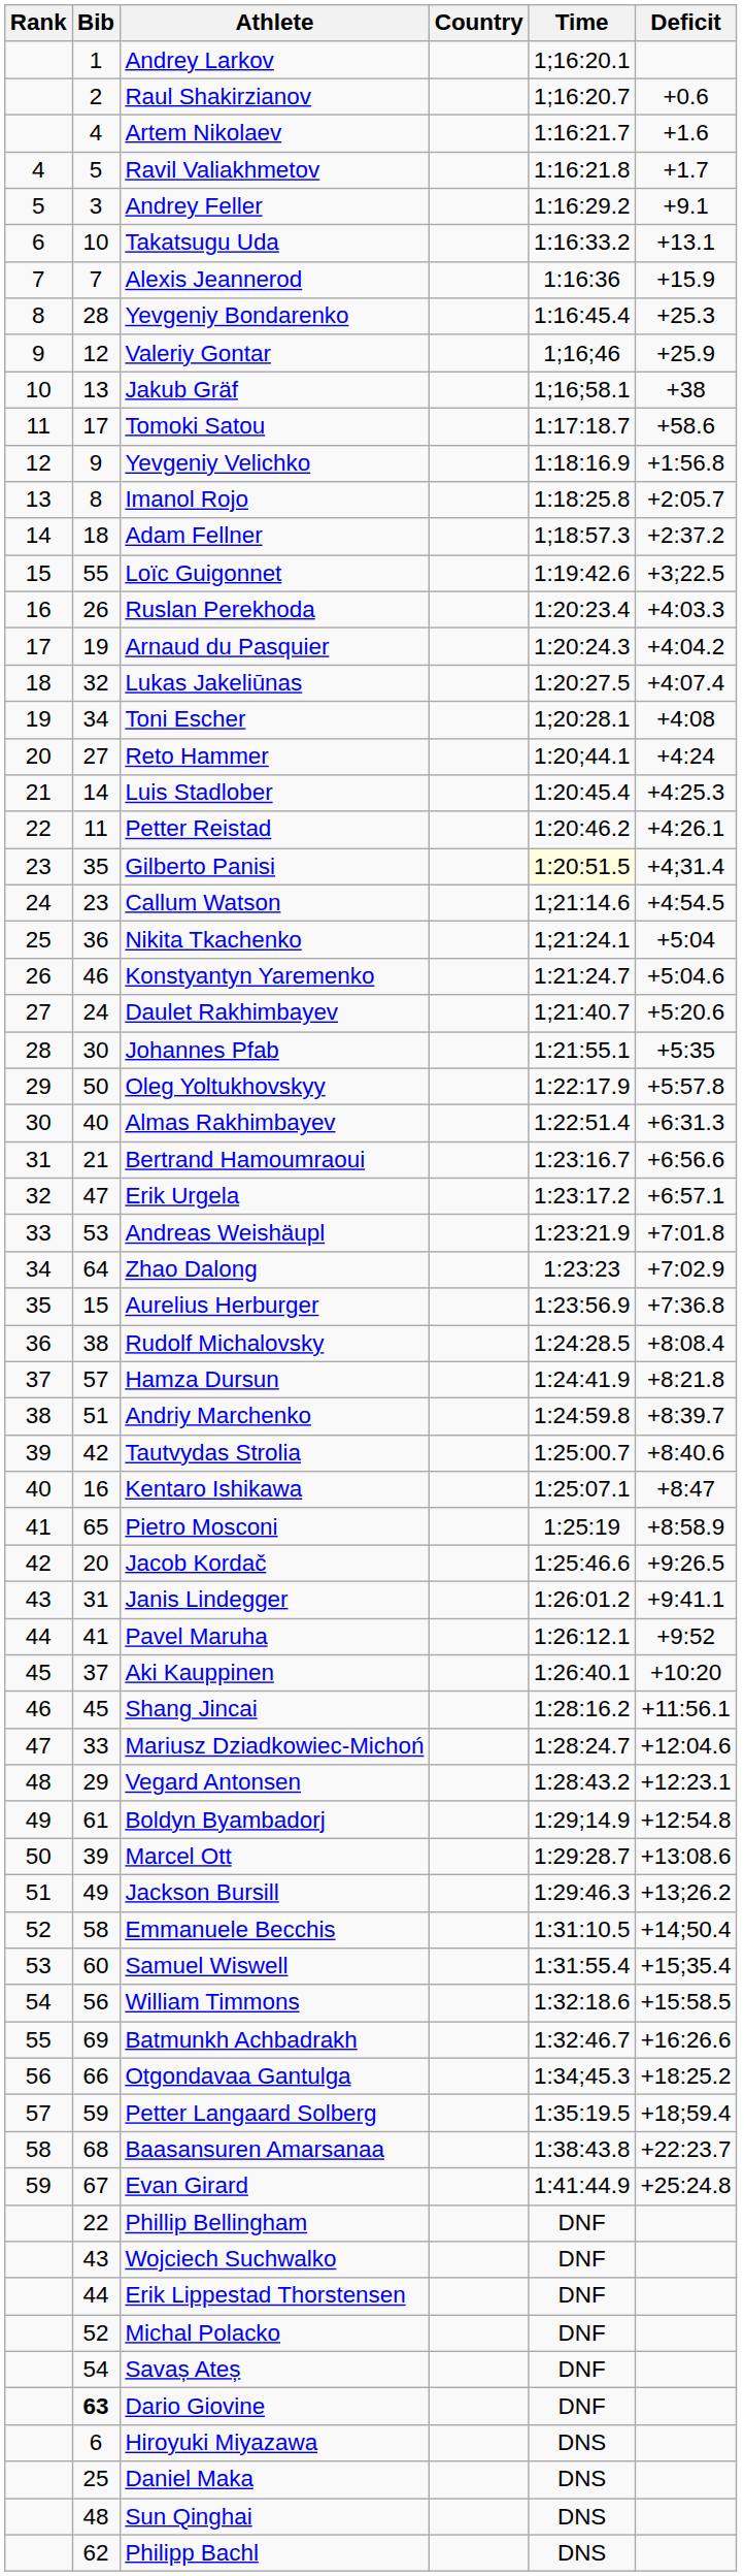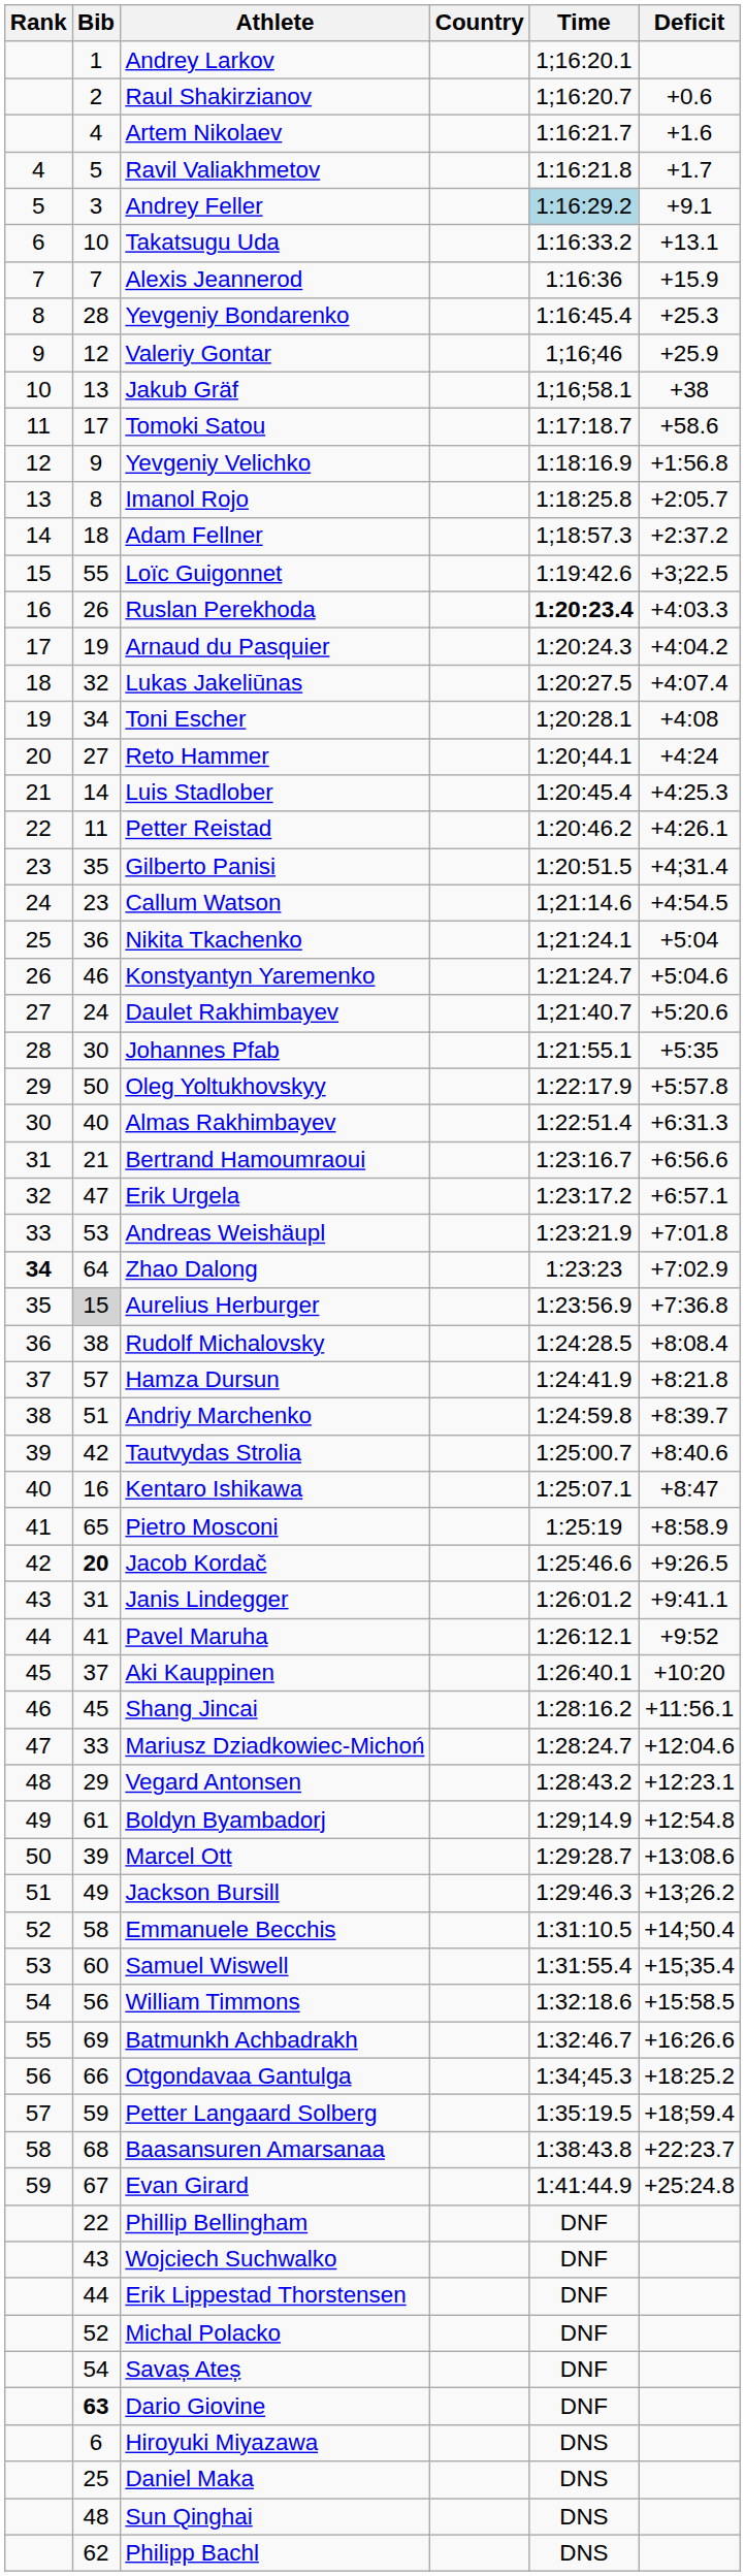 <table class="wikitable sortable" style="text-align:center">
 <tr>
 <th>Rank</th>
 <th>Bib</th>
 <th>Athlete</th>
 <th>Country</th>
 <th>Time</th>
 <th>Deficit</th>
 </tr>
 <tr>
 <td></td>
 <td>1</td>
 <td align=left><a href='#'>Andrey Larkov</a></td>
 <td align=left></td>
 <td>1;16:20.1</td>
 <td></td>
 </tr>
 <tr>
 <td></td>
 <td>2</td>
 <td align=left><a href='#'>Raul Shakirzianov</a></td>
 <td align=left></td>
 <td>1;16:20.7</td>
 <td>+0.6</td>
 </tr>
 <tr>
 <td></td>
 <td>4</td>
 <td align=left><a href='#'>Artem Nikolaev</a></td>
 <td align=left></td>
 <td>1:16:21.7</td>
 <td>+1.6</td>
 </tr>
 <tr>
 <td>4</td>
 <td>5</td>
 <td align=left><a href='#'>Ravil Valiakhmetov</a></td>
 <td align=left></td>
 <td>1:16:21.8</td>
 <td>+1.7</td>
 </tr>
 <tr>
 <td>5</td>
 <td>3</td>
 <td align=left><a href='#'>Andrey Feller</a></td>
 <td align=left></td>
-<td>1:16:29.2</td>
+<td style="background: lightblue;">1:16:29.2</td>
 <td>+9.1</td>
 </tr>
 <tr>
 <td>6</td>
 <td>10</td>
 <td align=left><a href='#'>Takatsugu Uda</a></td>
 <td align=left></td>
 <td>1:16:33.2</td>
 <td>+13.1</td>
 </tr>
 <tr>
 <td>7</td>
 <td>7</td>
 <td align=left><a href='#'>Alexis Jeannerod</a></td>
 <td align=left></td>
 <td>1:16:36</td>
 <td>+15.9</td>
 </tr>
 <tr>
 <td>8</td>
 <td>28</td>
 <td align=left><a href='#'>Yevgeniy Bondarenko</a></td>
 <td align=left></td>
 <td>1:16:45.4</td>
 <td>+25.3</td>
 </tr>
 <tr>
 <td>9</td>
 <td>12</td>
 <td align=left><a href='#'>Valeriy Gontar</a></td>
 <td align=left></td>
 <td>1;16;46</td>
 <td>+25.9</td>
 </tr>
 <tr>
 <td>10</td>
 <td>13</td>
 <td align=left><a href='#'>Jakub Gräf</a></td>
 <td align=left></td>
 <td>1;16;58.1</td>
 <td>+38</td>
 </tr>
 <tr>
 <td>11</td>
 <td>17</td>
 <td align=left><a href='#'>Tomoki Satou</a></td>
 <td align=left></td>
 <td>1:17:18.7</td>
 <td>+58.6</td>
 </tr>
 <tr>
 <td>12</td>
 <td>9</td>
 <td align=left><a href='#'>Yevgeniy Velichko</a></td>
 <td align=left></td>
 <td>1:18:16.9</td>
 <td>+1:56.8</td>
 </tr>
 <tr>
 <td>13</td>
 <td>8</td>
 <td align=left><a href='#'>Imanol Rojo</a></td>
 <td align=left></td>
 <td>1:18:25.8</td>
 <td>+2:05.7</td>
 </tr>
 <tr>
 <td>14</td>
 <td>18</td>
 <td align=left><a href='#'>Adam Fellner</a></td>
 <td align=left></td>
 <td>1;18:57.3</td>
 <td>+2:37.2</td>
 </tr>
 <tr>
 <td>15</td>
 <td>55</td>
 <td align=left><a href='#'>Loïc Guigonnet</a></td>
 <td align=left></td>
 <td>1:19:42.6</td>
 <td>+3;22.5</td>
 </tr>
 <tr>
 <td>16</td>
 <td>26</td>
 <td align=left><a href='#'>Ruslan Perekhoda</a></td>
 <td align=left></td>
-<td>1:20:23.4</td>
+<td><strong>1:20:23.4</strong></td>
 <td>+4:03.3</td>
 </tr>
 <tr>
 <td>17</td>
 <td>19</td>
 <td align=left><a href='#'>Arnaud du Pasquier</a></td>
 <td align=left></td>
 <td>1:20:24.3</td>
 <td>+4:04.2</td>
 </tr>
 <tr>
 <td>18</td>
 <td>32</td>
 <td align=left><a href='#'>Lukas Jakeliūnas</a></td>
 <td align=left></td>
 <td>1:20:27.5</td>
 <td>+4:07.4</td>
 </tr>
 <tr>
 <td>19</td>
 <td>34</td>
 <td align=left><a href='#'>Toni Escher</a></td>
 <td align=left></td>
 <td>1;20:28.1</td>
 <td>+4:08</td>
 </tr>
 <tr>
 <td>20</td>
 <td>27</td>
 <td align=left><a href='#'>Reto Hammer</a></td>
 <td align=left></td>
 <td>1:20;44.1</td>
 <td>+4:24</td>
 </tr>
 <tr>
 <td>21</td>
 <td>14</td>
 <td align=left><a href='#'>Luis Stadlober</a></td>
 <td align=left></td>
 <td>1:20:45.4</td>
 <td>+4:25.3</td>
 </tr>
 <tr>
 <td>22</td>
 <td>11</td>
 <td align=left><a href='#'>Petter Reistad</a></td>
 <td align=left></td>
 <td>1:20:46.2</td>
 <td>+4:26.1</td>
 </tr>
 <tr>
 <td>23</td>
 <td>35</td>
 <td align=left><a href='#'>Gilberto Panisi</a></td>
 <td align=left></td>
-<td style="background: lightyellow;">1:20:51.5</td>
+<td>1:20:51.5</td>
 <td>+4;31.4</td>
 </tr>
 <tr>
 <td>24</td>
 <td>23</td>
 <td align=left><a href='#'>Callum Watson</a></td>
 <td align=left></td>
 <td>1;21:14.6</td>
 <td>+4:54.5</td>
 </tr>
 <tr>
 <td>25</td>
 <td>36</td>
 <td align=left><a href='#'>Nikita Tkachenko</a></td>
 <td align=left></td>
 <td>1;21:24.1</td>
 <td>+5:04</td>
 </tr>
 <tr>
 <td>26</td>
 <td>46</td>
 <td align=left><a href='#'>Konstyantyn Yaremenko</a></td>
 <td align=left></td>
 <td>1:21:24.7</td>
 <td>+5:04.6</td>
 </tr>
 <tr>
 <td>27</td>
 <td>24</td>
 <td align=left><a href='#'>Daulet Rakhimbayev</a></td>
 <td align=left></td>
 <td>1;21:40.7</td>
 <td>+5:20.6</td>
 </tr>
 <tr>
 <td>28</td>
 <td>30</td>
 <td align=left><a href='#'>Johannes Pfab</a></td>
 <td align=left></td>
 <td>1:21:55.1</td>
 <td>+5:35</td>
 </tr>
 <tr>
 <td>29</td>
 <td>50</td>
 <td align=left><a href='#'>Oleg Yoltukhovskyy</a></td>
 <td align=left></td>
 <td>1:22:17.9</td>
 <td>+5:57.8</td>
 </tr>
 <tr>
 <td>30</td>
 <td>40</td>
 <td align=left><a href='#'>Almas Rakhimbayev</a></td>
 <td align=left></td>
 <td>1:22:51.4</td>
 <td>+6:31.3</td>
 </tr>
 <tr>
 <td>31</td>
 <td>21</td>
 <td align=left><a href='#'>Bertrand Hamoumraoui</a></td>
 <td align=left></td>
 <td>1:23:16.7</td>
 <td>+6:56.6</td>
 </tr>
 <tr>
 <td>32</td>
 <td>47</td>
 <td align=left><a href='#'>Erik Urgela</a></td>
 <td align=left></td>
 <td>1:23:17.2</td>
 <td>+6:57.1</td>
 </tr>
 <tr>
 <td>33</td>
 <td>53</td>
 <td align=left><a href='#'>Andreas Weishäupl</a></td>
 <td align=left></td>
 <td>1:23:21.9</td>
 <td>+7:01.8</td>
 </tr>
 <tr>
-<td>34</td>
+<td><strong>34</strong></td>
 <td>64</td>
 <td align=left><a href='#'>Zhao Dalong</a></td>
 <td align=left></td>
 <td>1:23:23</td>
 <td>+7:02.9</td>
 </tr>
 <tr>
 <td>35</td>
-<td>15</td>
+<td style="background: lightgrey;">15</td>
 <td align=left><a href='#'>Aurelius Herburger</a></td>
 <td align=left></td>
 <td>1:23:56.9</td>
 <td>+7:36.8</td>
 </tr>
 <tr>
 <td>36</td>
 <td>38</td>
 <td align=left><a href='#'>Rudolf Michalovsky</a></td>
 <td align=left></td>
 <td>1:24:28.5</td>
 <td>+8:08.4</td>
 </tr>
 <tr>
 <td>37</td>
 <td>57</td>
 <td align=left><a href='#'>Hamza Dursun</a></td>
 <td align=left></td>
 <td>1:24:41.9</td>
 <td>+8:21.8</td>
 </tr>
 <tr>
 <td>38</td>
 <td>51</td>
 <td align=left><a href='#'>Andriy Marchenko</a></td>
 <td align=left></td>
 <td>1:24:59.8</td>
 <td>+8:39.7</td>
 </tr>
 <tr>
 <td>39</td>
 <td>42</td>
 <td align=left><a href='#'>Tautvydas Strolia</a></td>
 <td align=left></td>
 <td>1:25:00.7</td>
 <td>+8:40.6</td>
 </tr>
 <tr>
 <td>40</td>
 <td>16</td>
 <td align=left><a href='#'>Kentaro Ishikawa</a></td>
 <td align=left></td>
 <td>1:25:07.1</td>
 <td>+8:47</td>
 </tr>
 <tr>
 <td>41</td>
 <td>65</td>
 <td align=left><a href='#'>Pietro Mosconi</a></td>
 <td align=left></td>
 <td>1:25:19</td>
 <td>+8:58.9</td>
 </tr>
 <tr>
 <td>42</td>
-<td>20</td>
+<td><strong>20</strong></td>
 <td align=left><a href='#'>Jacob Kordač</a></td>
 <td align=left></td>
 <td>1:25:46.6</td>
 <td>+9:26.5</td>
 </tr>
 <tr>
 <td>43</td>
 <td>31</td>
 <td align=left><a href='#'>Janis Lindegger</a></td>
 <td align=left></td>
 <td>1:26:01.2</td>
 <td>+9:41.1</td>
 </tr>
 <tr>
 <td>44</td>
 <td>41</td>
 <td align=left><a href='#'>Pavel Maruha</a></td>
 <td align=left></td>
 <td>1:26:12.1</td>
 <td>+9:52</td>
 </tr>
 <tr>
 <td>45</td>
 <td>37</td>
 <td align=left><a href='#'>Aki Kauppinen</a></td>
 <td align=left></td>
 <td>1:26:40.1</td>
 <td>+10:20</td>
 </tr>
 <tr>
 <td>46</td>
 <td>45</td>
 <td align=left><a href='#'>Shang Jincai</a></td>
 <td align=left></td>
 <td>1:28:16.2</td>
 <td>+11:56.1</td>
 </tr>
 <tr>
 <td>47</td>
 <td>33</td>
 <td align=left><a href='#'>Mariusz Dziadkowiec-Michoń</a></td>
 <td align=left></td>
 <td>1:28:24.7</td>
 <td>+12:04.6</td>
 </tr>
 <tr>
 <td>48</td>
 <td>29</td>
 <td align=left><a href='#'>Vegard Antonsen</a></td>
 <td align=left></td>
 <td>1:28:43.2</td>
 <td>+12:23.1</td>
 </tr>
 <tr>
 <td>49</td>
 <td>61</td>
 <td align=left><a href='#'>Boldyn Byambadorj</a></td>
 <td align=left></td>
 <td>1:29;14.9</td>
 <td>+12:54.8</td>
 </tr>
 <tr>
 <td>50</td>
 <td>39</td>
 <td align=left><a href='#'>Marcel Ott</a></td>
 <td align=left></td>
 <td>1:29:28.7</td>
 <td>+13:08.6</td>
 </tr>
 <tr>
 <td>51</td>
 <td>49</td>
 <td align=left><a href='#'>Jackson Bursill</a></td>
 <td align=left></td>
 <td>1:29:46.3</td>
 <td>+13;26.2</td>
 </tr>
 <tr>
 <td>52</td>
 <td>58</td>
 <td align=left><a href='#'>Emmanuele Becchis</a></td>
 <td align=left></td>
 <td>1:31:10.5</td>
 <td>+14;50.4</td>
 </tr>
 <tr>
 <td>53</td>
 <td>60</td>
 <td align=left><a href='#'>Samuel Wiswell</a></td>
 <td align=left></td>
 <td>1:31:55.4</td>
 <td>+15;35.4</td>
 </tr>
 <tr>
 <td>54</td>
 <td>56</td>
 <td align=left><a href='#'>William Timmons</a></td>
 <td align=left></td>
 <td>1:32:18.6</td>
 <td>+15:58.5</td>
 </tr>
 <tr>
 <td>55</td>
 <td>69</td>
 <td align=left><a href='#'>Batmunkh Achbadrakh</a></td>
 <td align=left></td>
 <td>1:32:46.7</td>
 <td>+16:26.6</td>
 </tr>
 <tr>
 <td>56</td>
 <td>66</td>
 <td align=left><a href='#'>Otgondavaa Gantulga</a></td>
 <td align=left></td>
 <td>1:34;45.3</td>
 <td>+18:25.2</td>
 </tr>
 <tr>
 <td>57</td>
 <td>59</td>
 <td align=left><a href='#'>Petter Langaard Solberg</a></td>
 <td align=left></td>
 <td>1:35:19.5</td>
 <td>+18;59.4</td>
 </tr>
 <tr>
 <td>58</td>
 <td>68</td>
 <td align=left><a href='#'>Baasansuren Amarsanaa</a></td>
 <td align=left></td>
 <td>1:38:43.8</td>
 <td>+22:23.7</td>
 </tr>
 <tr>
 <td>59</td>
 <td>67</td>
 <td align=left><a href='#'>Evan Girard</a></td>
 <td align=left></td>
 <td>1:41:44.9</td>
 <td>+25:24.8</td>
 </tr>
 <tr>
 <td></td>
 <td>22</td>
 <td align=left><a href='#'>Phillip Bellingham</a></td>
 <td align=left></td>
 <td>DNF</td>
 <td></td>
 </tr>
 <tr>
 <td></td>
 <td>43</td>
 <td align=left><a href='#'>Wojciech Suchwalko</a></td>
 <td align=left></td>
 <td>DNF</td>
 <td></td>
 </tr>
 <tr>
 <td></td>
 <td>44</td>
 <td align=left><a href='#'>Erik Lippestad Thorstensen</a></td>
 <td align=left></td>
 <td>DNF</td>
 <td></td>
 </tr>
 <tr>
 <td></td>
 <td>52</td>
 <td align=left><a href='#'>Michal Polacko</a></td>
 <td align=left></td>
 <td>DNF</td>
 <td></td>
 </tr>
 <tr>
 <td></td>
 <td>54</td>
 <td align=left><a href='#'>Savaș Ateș</a></td>
 <td align=left></td>
 <td>DNF</td>
 <td></td>
 </tr>
 <tr>
 <td></td>
 <td><strong>63</strong></td>
 <td align=left><a href='#'>Dario Giovine</a></td>
 <td align=left></td>
 <td>DNF</td>
 <td></td>
 </tr>
 <tr>
 <td></td>
 <td>6</td>
 <td align=left><a href='#'>Hiroyuki Miyazawa</a></td>
 <td align=left></td>
 <td>DNS</td>
 <td></td>
 </tr>
 <tr>
 <td></td>
 <td>25</td>
 <td align=left><a href='#'>Daniel Maka</a></td>
 <td align=left></td>
 <td>DNS</td>
 <td></td>
 </tr>
 <tr>
 <td></td>
 <td>48</td>
 <td align=left><a href='#'>Sun Qinghai</a></td>
 <td align=left></td>
 <td>DNS</td>
 <td></td>
 </tr>
 <tr>
 <td></td>
 <td>62</td>
 <td align=left><a href='#'>Philipp Bachl</a></td>
 <td align=left></td>
 <td>DNS</td>
 <td></td>
 </tr>
 </table>
